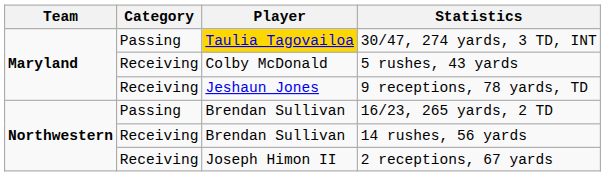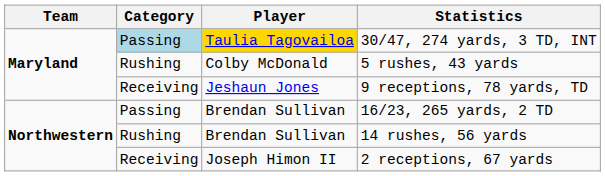 <table class="wikitable" style="float: left;">
 <tr>
 <th>Team</th>
 <th>Category</th>
 <th>Player</th>
 <th>Statistics</th>
 </tr>
 <tr>
 <td rowspan=3><strong>Maryland</strong></td>
-<td>Passing</td>
+<td style="background: lightblue;">Passing</td>
 <td style="background: gold;"><a href='#'>Taulia Tagovailoa</a></td>
 <td>30/47, 274 yards, 3 TD, INT</td>
 </tr>
 <tr>
-<td>Receiving</td>
+<td>Rushing</td>
 <td>Colby McDonald</td>
 <td>5 rushes, 43 yards</td>
 </tr>
 <tr>
 <td>Receiving</td>
 <td><a href='#'>Jeshaun Jones</a></td>
 <td>9 receptions, 78 yards, TD</td>
 </tr>
 <tr>
 <td rowspan=3><strong>Northwestern</strong></td>
 <td>Passing</td>
 <td>Brendan Sullivan</td>
 <td>16/23, 265 yards, 2 TD</td>
 </tr>
 <tr>
-<td>Receiving</td>
+<td>Rushing</td>
 <td>Brendan Sullivan</td>
 <td>14 rushes, 56 yards</td>
 </tr>
 <tr>
 <td>Receiving</td>
 <td>Joseph Himon II</td>
 <td>2 receptions, 67 yards</td>
 </tr>
 </table>
